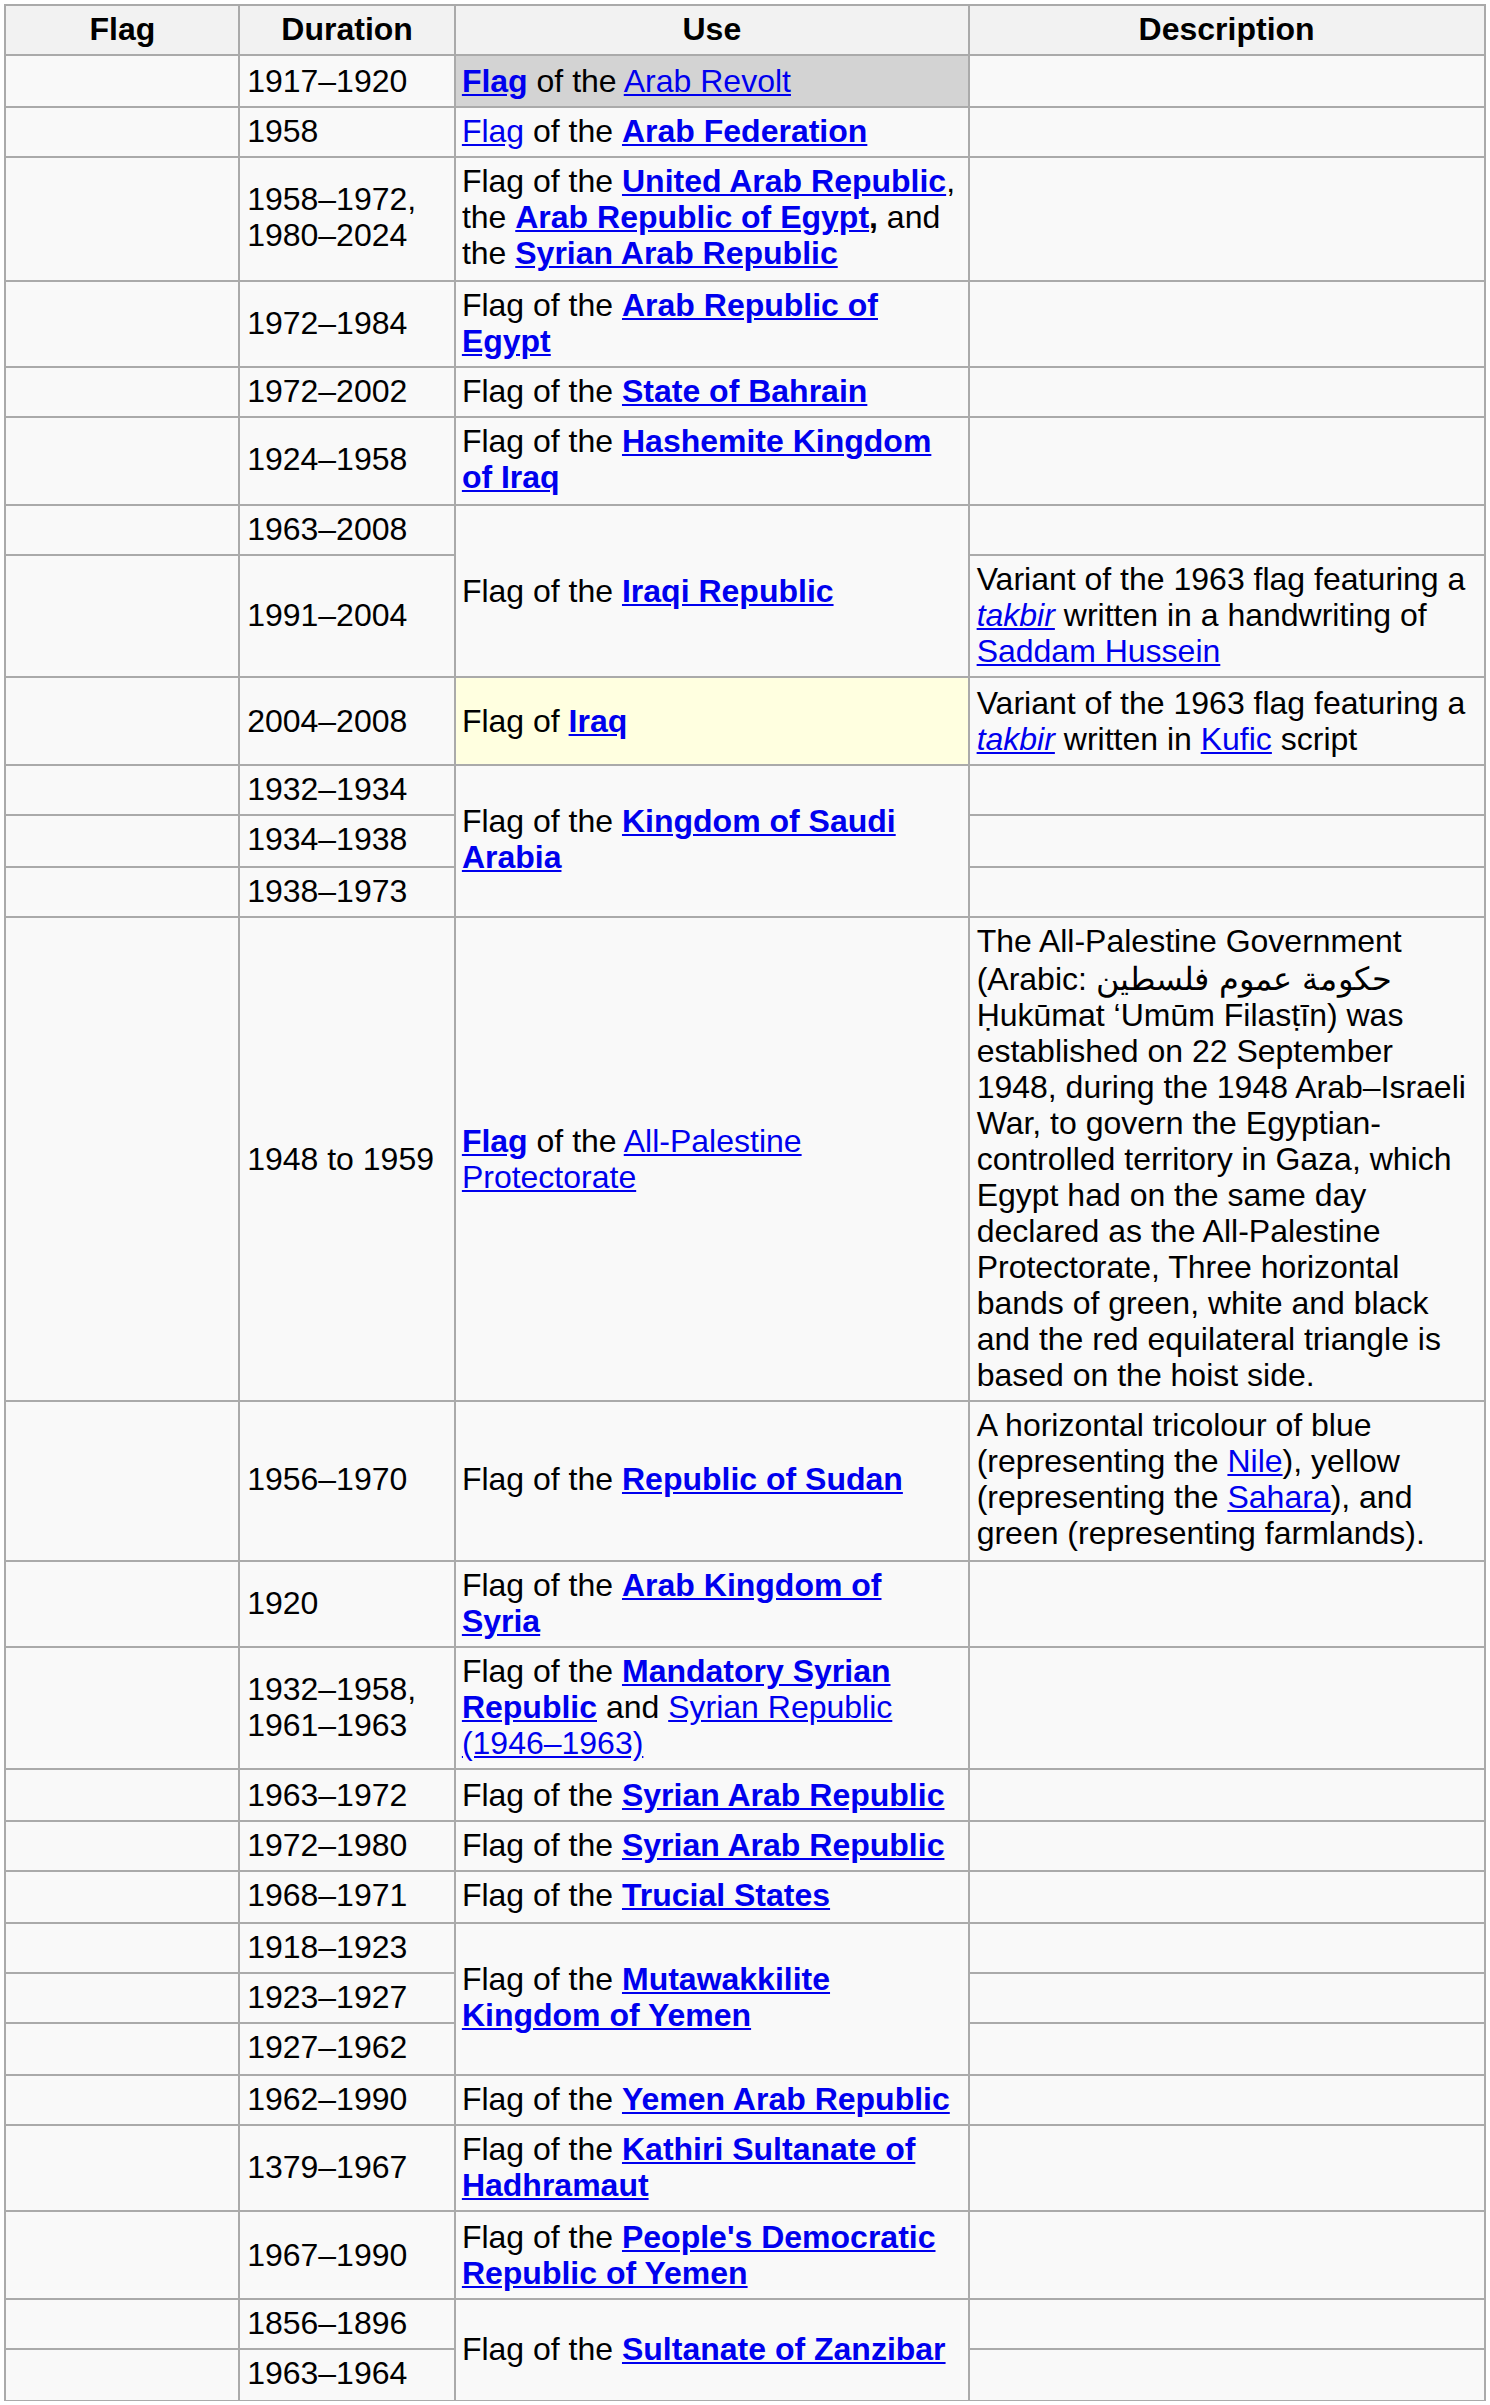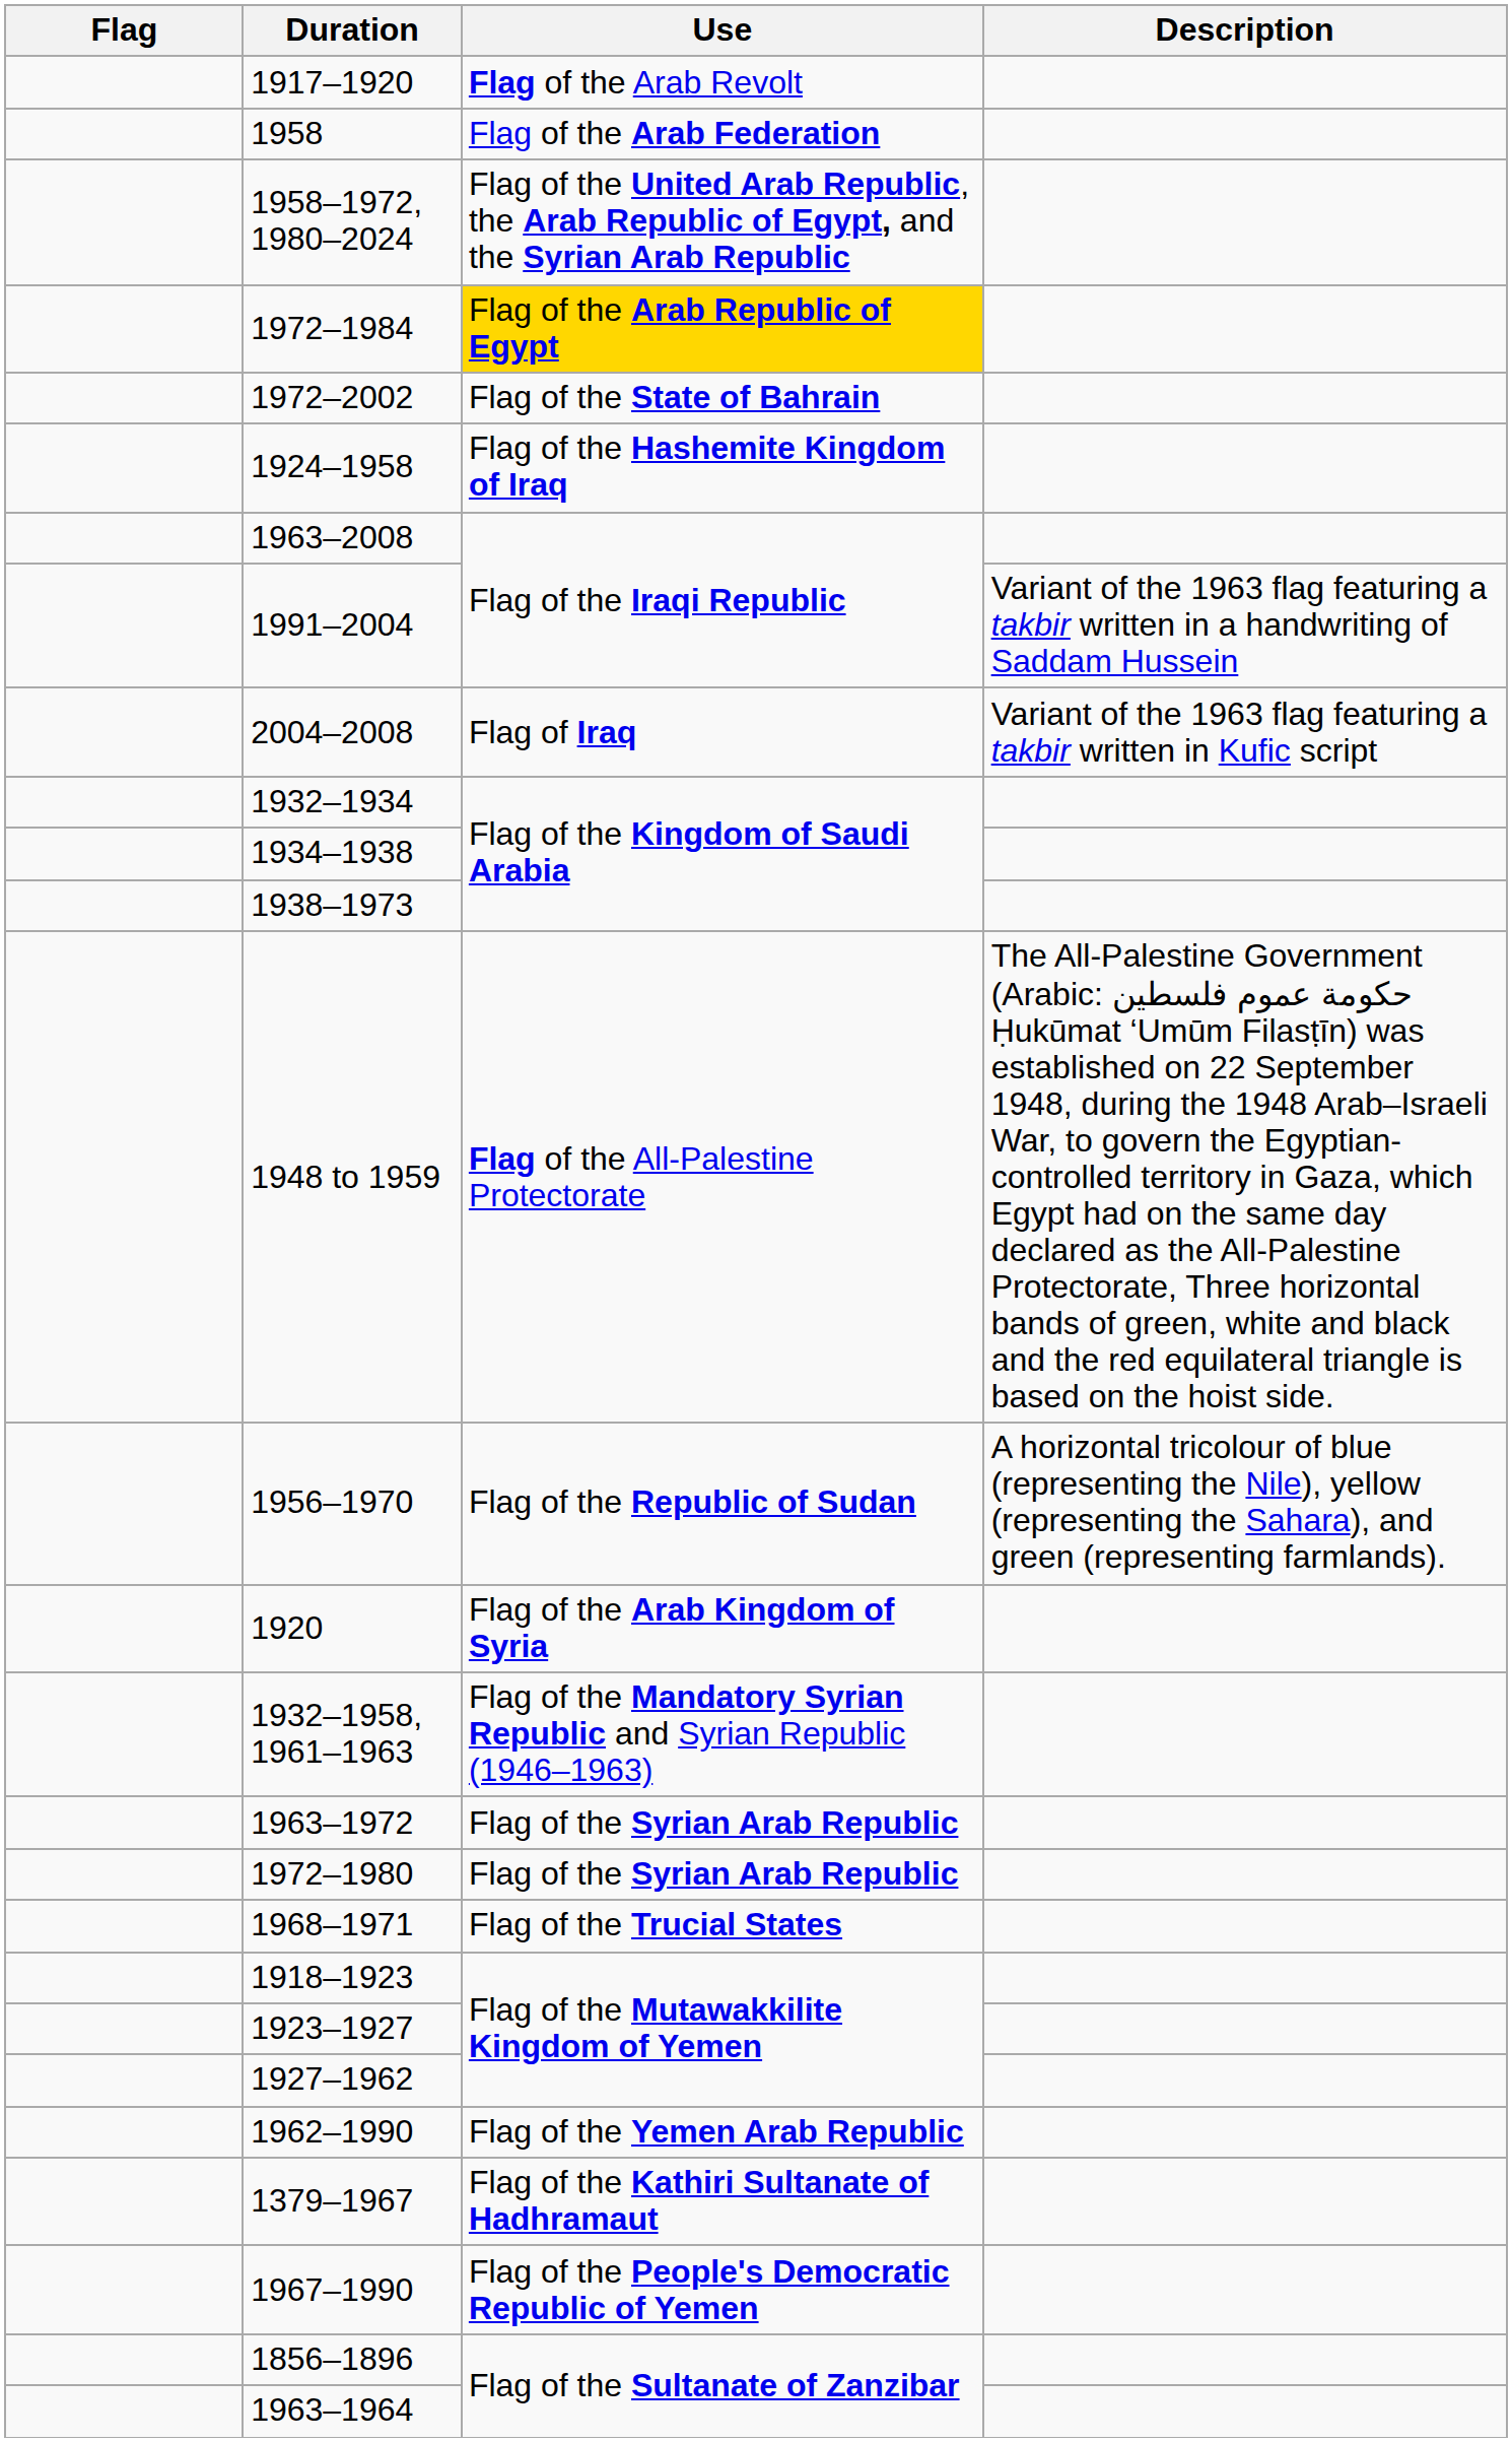 <table class="wikitable">
 <tr>
 <th style="width:110px;">Flag</th>
 <th style="width:100px;">Duration</th>
 <th style="width:250px;">Use</th>
 <th style="width:250px;">Description</th>
 </tr>
 <tr>
 <td></td>
 <td>1917–1920</td>
-<td style="background: lightgrey;"><strong><a href='#'>Flag</a></strong> of the <a href='#'>Arab Revolt</a></td>
+<td><strong><a href='#'>Flag</a></strong> of the <a href='#'>Arab Revolt</a></td>
 <td></td>
 </tr>
 <tr>
 <td></td>
 <td>1958</td>
 <td><a href='#'>Flag</a> of the <strong><a href='#'>Arab Federation</a></strong></td>
 <td></td>
 </tr>
 <tr>
 <td></td>
 <td>1958–1972,<br>1980–2024</td>
 <td>Flag of the <a href='#'><strong>United Arab Republic</strong></a>, the <strong><a href='#'>Arab Republic of Egypt</a>,</strong> and the <strong><a href='#'>Syrian Arab Republic</a></strong></td>
 <td></td>
 </tr>
 <tr>
 <td></td>
 <td>1972–1984</td>
-<td>Flag of the <strong><a href='#'>Arab Republic of Egypt</a></strong></td>
+<td style="background: gold;">Flag of the <strong><a href='#'>Arab Republic of Egypt</a></strong></td>
 <td></td>
 </tr>
 <tr>
 <td></td>
 <td>1972–2002</td>
 <td>Flag of the <strong><a href='#'>State of Bahrain</a></strong></td>
 <td></td>
 </tr>
 <tr>
 <td></td>
 <td>1924–1958</td>
 <td>Flag of the <strong><a href='#'>Hashemite Kingdom of Iraq</a></strong></td>
 <td></td>
 </tr>
 <tr>
 <td></td>
 <td>1963–2008</td>
 <td rowspan="2">Flag of the <strong><a href='#'>Iraqi Republic</a></strong></td>
 <td></td>
 </tr>
 <tr>
 <td></td>
 <td>1991–2004</td>
 <td>Variant of the 1963 flag featuring a <em><a href='#'>takbir</a></em> written in a handwriting of <a href='#'>Saddam Hussein</a></td>
 </tr>
 <tr>
 <td></td>
 <td>2004–2008</td>
-<td style="background: lightyellow;">Flag of <strong><a href='#'>Iraq</a></strong></td>
+<td>Flag of <strong><a href='#'>Iraq</a></strong></td>
 <td>Variant of the 1963 flag featuring a <em><a href='#'>takbir</a></em> written in <a href='#'>Kufic</a> script</td>
 </tr>
 <tr>
 <td></td>
 <td>1932–1934</td>
 <td rowspan="3">Flag of the <strong><a href='#'>Kingdom of Saudi Arabia</a></strong></td>
 <td></td>
 </tr>
 <tr>
 <td></td>
 <td>1934–1938</td>
 <td></td>
 </tr>
 <tr>
 <td></td>
 <td>1938–1973</td>
 <td></td>
 </tr>
 <tr>
 <td></td>
 <td>1948 to 1959</td>
 <td><strong><a href='#'>Flag</a></strong> of the <a href='#'>All-Palestine Protectorate</a></td>
 <td>The All-Palestine Government (Arabic: حكومة عموم فلسطين Ḥukūmat ‘Umūm Filasṭīn) was established on 22 September 1948, during the 1948 Arab–Israeli War, to govern the Egyptian-controlled territory in Gaza, which Egypt had on the same day declared as the All-Palestine Protectorate, Three horizontal bands of green, white and black and the red equilateral triangle is based on the hoist side.</td>
 </tr>
 <tr>
 <td></td>
 <td>1956–1970</td>
 <td>Flag of the <strong><a href='#'>Republic of Sudan</a></strong></td>
 <td>A horizontal tricolour of blue (representing the <a href='#'>Nile</a>), yellow (representing the <a href='#'>Sahara</a>), and green (representing farmlands).</td>
 </tr>
 <tr>
 <td></td>
 <td>1920</td>
 <td>Flag of the <strong><a href='#'>Arab Kingdom of Syria</a></strong></td>
 <td></td>
 </tr>
 <tr>
 <td></td>
 <td>1932–1958, 1961–1963</td>
 <td>Flag of the <strong><a href='#'>Mandatory Syrian Republic</a></strong> and <a href='#'>Syrian Republic (1946–1963)</a></td>
 <td></td>
 </tr>
 <tr>
 <td></td>
 <td>1963–1972</td>
 <td>Flag of the <strong><a href='#'>Syrian Arab Republic</a></strong></td>
 <td></td>
 </tr>
 <tr>
 <td></td>
 <td>1972–1980</td>
 <td>Flag of the <strong><a href='#'>Syrian Arab Republic</a></strong></td>
 <td></td>
 </tr>
 <tr>
 <td></td>
 <td>1968–1971</td>
 <td>Flag of the <strong><a href='#'>Trucial States</a></strong></td>
 <td></td>
 </tr>
 <tr>
 <td></td>
 <td>1918–1923</td>
 <td rowspan="3">Flag of the <strong><a href='#'>Mutawakkilite Kingdom of Yemen</a></strong></td>
 <td></td>
 </tr>
 <tr>
 <td></td>
 <td>1923–1927</td>
 <td></td>
 </tr>
 <tr>
 <td></td>
 <td>1927–1962</td>
 <td></td>
 </tr>
 <tr>
 <td></td>
 <td>1962–1990</td>
 <td>Flag of the <strong><a href='#'>Yemen Arab Republic</a></strong></td>
 <td></td>
 </tr>
 <tr>
 <td></td>
 <td>1379–1967</td>
 <td>Flag of the <strong><a href='#'>Kathiri Sultanate of Hadhramaut</a></strong></td>
 <td></td>
 </tr>
 <tr>
 <td></td>
 <td>1967–1990</td>
 <td>Flag of the <strong><a href='#'>People's Democratic Republic of Yemen</a></strong></td>
 <td></td>
 </tr>
 <tr>
 <td></td>
 <td>1856–1896</td>
 <td rowspan="2">Flag of the <strong><a href='#'>Sultanate of Zanzibar</a></strong></td>
 <td></td>
 </tr>
 <tr>
 <td></td>
 <td>1963–1964</td>
 <td></td>
 </tr>
 </table>
